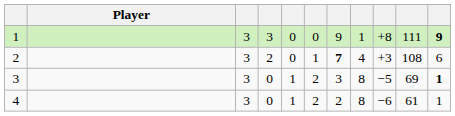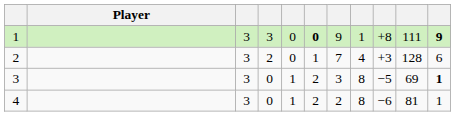 <table class="wikitable" style="text-align:center; margin: 1em auto 1em auto, align:left">
 <tr>
 <th width=20></th>
 <th width=240>Player</th>
 <th width=20></th>
 <th width=20></th>
 <th width=20></th>
 <th width=20></th>
 <th width=20></th>
 <th width=20></th>
 <th width=20></th>
 <th width=30></th>
 <th width=20></th>
 </tr>
 <tr style="background:#D0F0C0;">
 <td>1</td>
 <td align=left></td>
 <td>3</td>
 <td>3</td>
 <td>0</td>
-<td>0</td>
+<td><strong>0</strong></td>
 <td>9</td>
 <td>1</td>
 <td>+8</td>
 <td>111</td>
 <td><strong>9</strong></td>
 </tr>
 <tr style=>
 <td>2</td>
 <td align=left></td>
 <td>3</td>
 <td>2</td>
 <td>0</td>
 <td>1</td>
-<td><strong>7</strong></td>
+<td>7</td>
 <td>4</td>
 <td>+3</td>
-<td>108</td>
+<td>128</td>
 <td>6</td>
 </tr>
 <tr style=>
 <td>3</td>
 <td align=left></td>
 <td>3</td>
 <td>0</td>
 <td>1</td>
 <td>2</td>
 <td>3</td>
 <td>8</td>
 <td>−5</td>
 <td>69</td>
 <td><strong>1</strong></td>
 </tr>
 <tr style=>
 <td>4</td>
 <td align=left></td>
 <td>3</td>
 <td>0</td>
 <td>1</td>
 <td>2</td>
 <td>2</td>
 <td>8</td>
 <td>−6</td>
-<td>61</td>
+<td>81</td>
 <td>1</td>
 </tr>
 </table>
